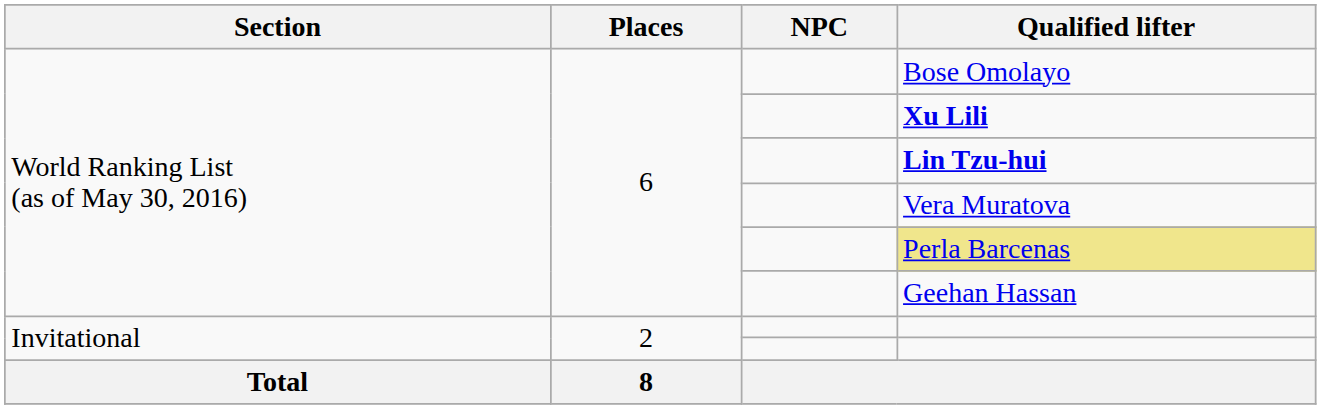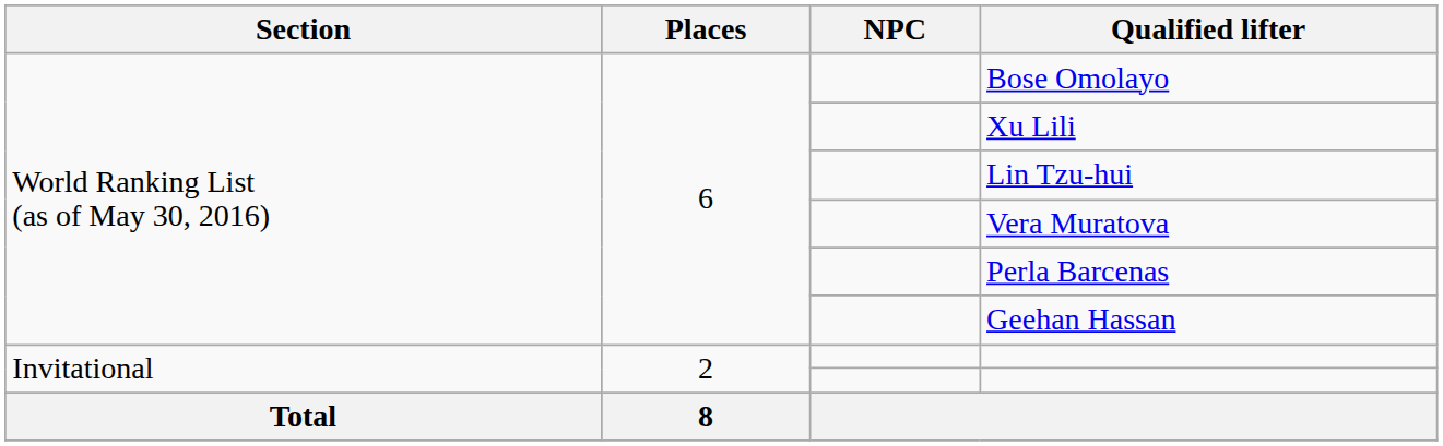 <table class="wikitable"  width=750>
 <tr>
 <th>Section</th>
 <th>Places</th>
 <th>NPC</th>
 <th>Qualified lifter</th>
 </tr>
 <tr>
 <td rowspan=6>World Ranking List<br>(as of May 30, 2016)</td>
 <td rowspan=6 align=center>6</td>
 <td></td>
 <td><a href='#'>Bose Omolayo</a></td>
 </tr>
 <tr>
 <td></td>
-<td><strong><a href='#'>Xu Lili</a></strong></td>
+<td><a href='#'>Xu Lili</a></td>
 </tr>
 <tr>
 <td></td>
-<td><strong><a href='#'>Lin Tzu-hui</a></strong></td>
+<td><a href='#'>Lin Tzu-hui</a></td>
 </tr>
 <tr>
 <td></td>
 <td><a href='#'>Vera Muratova</a></td>
 </tr>
 <tr>
 <td></td>
-<td style="background: khaki;"><a href='#'>Perla Barcenas</a></td>
+<td><a href='#'>Perla Barcenas</a></td>
 </tr>
 <tr>
 <td></td>
 <td><a href='#'>Geehan Hassan</a></td>
 </tr>
 <tr>
 <td rowspan=2>Invitational</td>
 <td rowspan="2" align=center>2</td>
 <td></td>
 <td></td>
 </tr>
 <tr>
 <td></td>
 <td></td>
 </tr>
 <tr>
 <th>Total</th>
 <th>8</th>
 <th colspan=2></th>
 </tr>
 </table>
